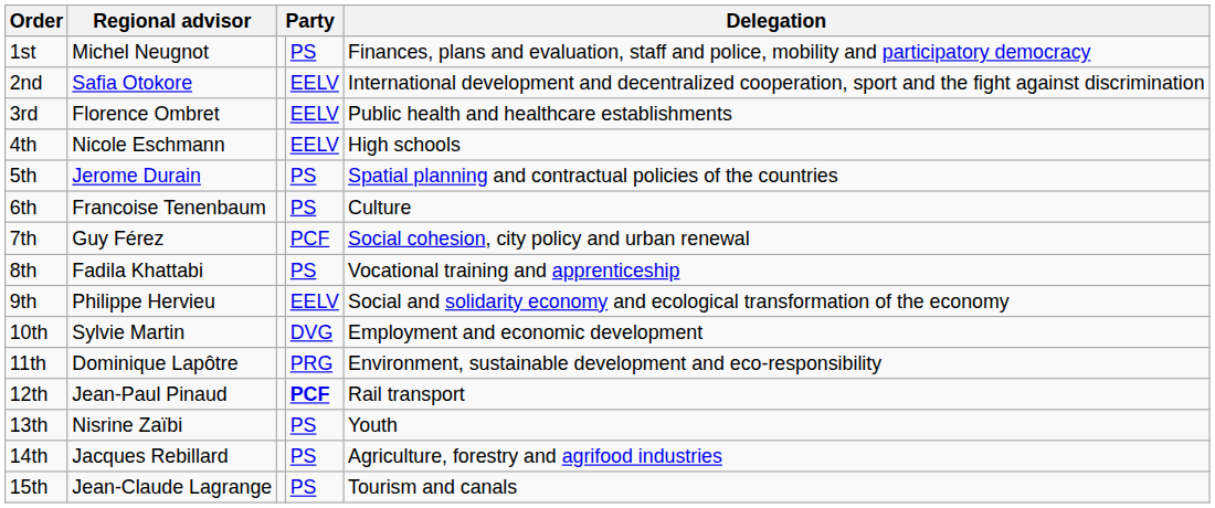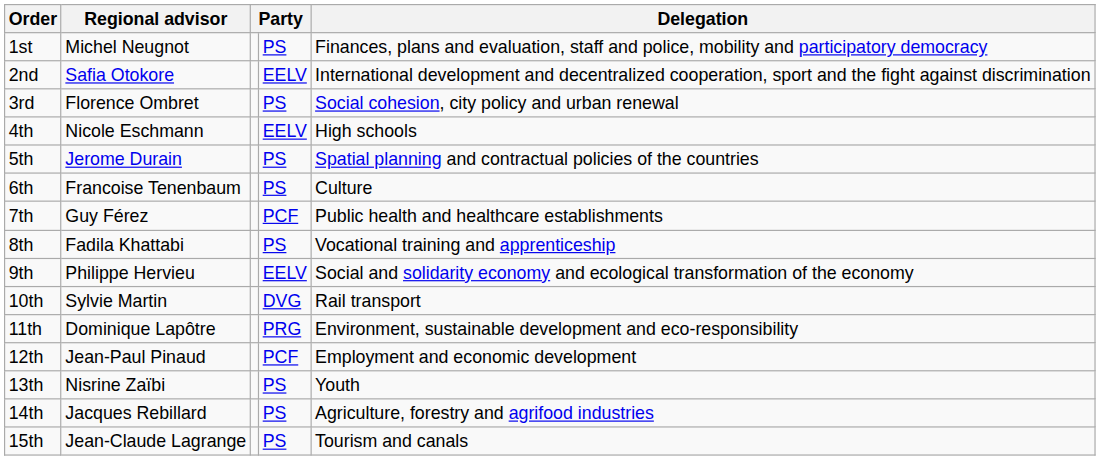 <table class="wikitable sortable" style="font-size:95%" |>
 <tr>
 <th>Order</th>
 <th>Regional advisor</th>
 <th colspan="2">Party</th>
 <th>Delegation</th>
 </tr>
 <tr>
 <td><abbr>1st</abbr></td>
 <td>Michel Neugnot</td>
 <td style="color:inherit;background:"></td>
 <td><a href='#'>PS</a></td>
 <td>Finances, plans and evaluation, staff and police, mobility and <a href='#'>participatory democracy</a></td>
 </tr>
 <tr>
 <td><abbr>2nd</abbr></td>
 <td><a href='#'>Safia Otokore</a></td>
 <td style="color:inherit;background:"></td>
 <td><a href='#'>EELV</a></td>
 <td>International development and decentralized cooperation, sport and the fight against discrimination</td>
 </tr>
 <tr>
 <td><abbr>3rd</abbr></td>
 <td>Florence Ombret</td>
 <td style="color:inherit;background:"></td>
-<td><a href='#'>EELV</a></td>
-<td>Public health and healthcare establishments</td>
+<td><a href='#'>PS</a></td>
+<td><a href='#'>Social cohesion</a>, city policy and urban renewal</td>
 </tr>
 <tr>
 <td><abbr>4th</abbr></td>
 <td>Nicole Eschmann</td>
 <td style="color:inherit;background:"></td>
 <td><a href='#'>EELV</a></td>
 <td>High schools</td>
 </tr>
 <tr>
 <td><abbr>5th</abbr></td>
 <td><a href='#'>Jerome Durain</a></td>
 <td style="color:inherit;background:"></td>
 <td><a href='#'>PS</a></td>
 <td><a href='#'>Spatial planning</a> and contractual policies of the countries</td>
 </tr>
 <tr>
 <td><abbr>6th</abbr></td>
 <td>Francoise Tenenbaum</td>
 <td style="color:inherit;background:"></td>
 <td><a href='#'>PS</a></td>
 <td>Culture</td>
 </tr>
 <tr>
 <td><abbr>7th</abbr></td>
 <td>Guy Férez</td>
 <td style="color:inherit;background:"></td>
 <td><a href='#'>PCF</a></td>
-<td><a href='#'>Social cohesion</a>, city policy and urban renewal</td>
+<td>Public health and healthcare establishments</td>
 </tr>
 <tr>
 <td><abbr>8th</abbr></td>
 <td>Fadila Khattabi</td>
 <td style="color:inherit;background:"></td>
 <td><a href='#'>PS</a></td>
 <td>Vocational training and <a href='#'>apprenticeship</a></td>
 </tr>
 <tr>
 <td><abbr>9th</abbr></td>
 <td>Philippe Hervieu</td>
 <td style="color:inherit;background:"></td>
 <td><a href='#'>EELV</a></td>
 <td>Social and <a href='#'>solidarity economy</a> and ecological transformation of the economy</td>
 </tr>
 <tr>
 <td><abbr>10th</abbr></td>
 <td>Sylvie Martin</td>
 <td style="color:inherit;background:"></td>
 <td><a href='#'>DVG</a></td>
-<td>Employment and economic development</td>
+<td>Rail transport</td>
 </tr>
 <tr>
 <td><abbr>11th</abbr></td>
 <td>Dominique Lapôtre</td>
 <td style="color:inherit;background:"></td>
 <td><a href='#'>PRG</a></td>
 <td>Environment, sustainable development and eco-responsibility</td>
 </tr>
 <tr>
 <td><abbr>12th</abbr></td>
 <td>Jean-Paul Pinaud</td>
 <td style="color:inherit;background:"></td>
-<td><strong><a href='#'>PCF</a></strong></td>
-<td>Rail transport</td>
+<td><a href='#'>PCF</a></td>
+<td>Employment and economic development</td>
 </tr>
 <tr>
 <td><abbr>13th</abbr></td>
 <td>Nisrine Zaïbi</td>
 <td style="color:inherit;background:"></td>
 <td><a href='#'>PS</a></td>
 <td>Youth</td>
 </tr>
 <tr>
 <td><abbr>14th</abbr></td>
 <td>Jacques Rebillard</td>
 <td style="color:inherit;background:"></td>
 <td><a href='#'>PS</a></td>
 <td>Agriculture, forestry and <a href='#'>agrifood industries</a></td>
 </tr>
 <tr>
 <td><abbr>15th</abbr></td>
 <td>Jean-Claude Lagrange</td>
 <td style="color:inherit;background:"></td>
 <td><a href='#'>PS</a></td>
 <td>Tourism and canals</td>
 </tr>
 </table>
